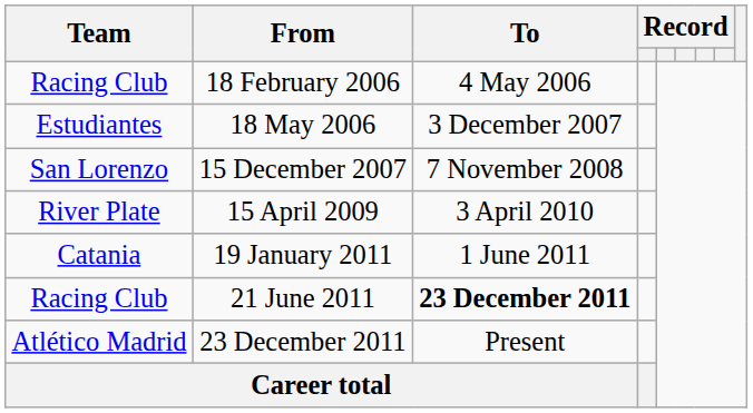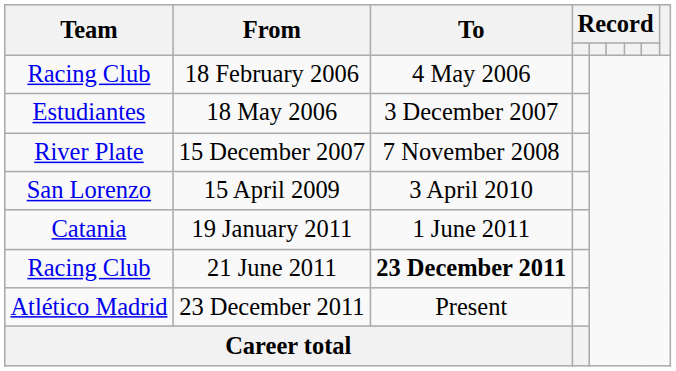 <table class="wikitable" style="text-align: center">
 <tr>
 <th rowspan="2">Team</th>
 <th rowspan="2">From</th>
 <th rowspan="2">To</th>
 <th colspan=5>Record</th>
 <th rowspan="2"></th>
 </tr>
 <tr>
 <th></th>
 <th></th>
 <th></th>
 <th></th>
 <th></th>
 </tr>
 <tr>
 <td><a href='#'>Racing Club</a></td>
 <td>18 February 2006</td>
 <td>4 May 2006<br></td>
 <td></td>
 </tr>
 <tr>
 <td><a href='#'>Estudiantes</a></td>
 <td>18 May 2006</td>
 <td>3 December 2007<br></td>
 <td></td>
 </tr>
 <tr>
-<td><a href='#'>San Lorenzo</a></td>
+<td><a href='#'>River Plate</a></td>
 <td>15 December 2007</td>
 <td>7 November 2008<br></td>
 <td></td>
 </tr>
 <tr>
-<td><a href='#'>River Plate</a></td>
+<td><a href='#'>San Lorenzo</a></td>
 <td>15 April 2009</td>
 <td>3 April 2010<br></td>
 <td></td>
 </tr>
 <tr>
 <td><a href='#'>Catania</a></td>
 <td>19 January 2011</td>
 <td>1 June 2011<br></td>
 <td></td>
 </tr>
 <tr>
 <td><a href='#'>Racing Club</a></td>
 <td>21 June 2011</td>
 <td><strong>23 December 2011<br></strong></td>
 <td></td>
 </tr>
 <tr>
 <td><a href='#'>Atlético Madrid</a></td>
 <td>23 December 2011</td>
 <td>Present<br></td>
 <td></td>
 </tr>
 <tr>
 <th colspan="3">Career total<br></th>
 <th></th>
 </tr>
 </table>
